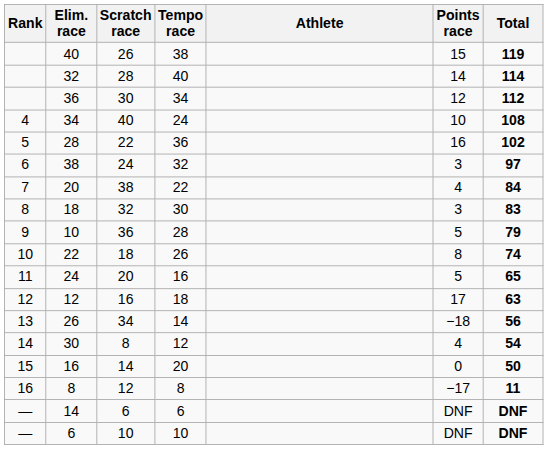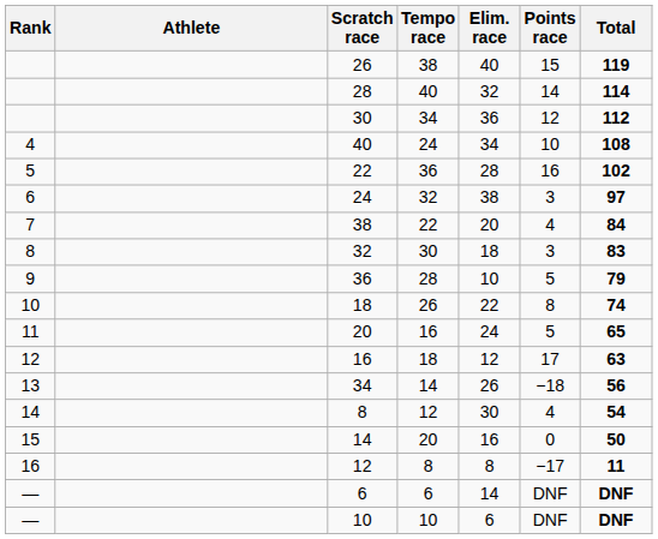 <table class=wikitable style="text-align:center">
 <tr>
 <th width=40>Rank</th>
-<th width=50>Elim.<br>race</th>
+<th width=250>Athlete</th>
 <th width=50>Scratch<br>race</th>
 <th width=50>Tempo<br>race</th>
-<th width=250>Athlete</th>
+<th width=50>Elim.<br>race</th>
 <th width=50>Points<br>race</th>
 <th width=60>Total</th>
 </tr>
 <tr>
 <td></td>
-<td>40</td>
+<td align=left></td>
 <td>26</td>
 <td>38</td>
-<td align=left></td>
+<td>40</td>
 <td>15</td>
 <td><strong>119</strong></td>
 </tr>
 <tr>
 <td></td>
-<td>32</td>
+<td align=left></td>
 <td>28</td>
 <td>40</td>
-<td align=left></td>
+<td>32</td>
 <td>14</td>
 <td><strong>114</strong></td>
 </tr>
 <tr>
 <td></td>
-<td>36</td>
+<td align=left></td>
 <td>30</td>
 <td>34</td>
-<td align=left></td>
+<td>36</td>
 <td>12</td>
 <td><strong>112</strong></td>
 </tr>
 <tr>
 <td>4</td>
-<td>34</td>
+<td align=left></td>
 <td>40</td>
 <td>24</td>
-<td align=left></td>
+<td>34</td>
 <td>10</td>
 <td><strong>108</strong></td>
 </tr>
 <tr>
 <td>5</td>
-<td>28</td>
+<td align=left></td>
 <td>22</td>
 <td>36</td>
-<td align=left></td>
+<td>28</td>
 <td>16</td>
 <td><strong>102</strong></td>
 </tr>
 <tr>
 <td>6</td>
-<td>38</td>
+<td align=left></td>
 <td>24</td>
 <td>32</td>
-<td align=left></td>
+<td>38</td>
 <td>3</td>
 <td><strong>97</strong></td>
 </tr>
 <tr>
 <td>7</td>
-<td>20</td>
+<td align=left></td>
 <td>38</td>
 <td>22</td>
-<td align=left></td>
+<td>20</td>
 <td>4</td>
 <td><strong>84</strong></td>
 </tr>
 <tr>
 <td>8</td>
-<td>18</td>
+<td align=left></td>
 <td>32</td>
 <td>30</td>
-<td align=left></td>
+<td>18</td>
 <td>3</td>
 <td><strong>83</strong></td>
 </tr>
 <tr>
 <td>9</td>
-<td>10</td>
+<td align=left></td>
 <td>36</td>
 <td>28</td>
-<td align=left></td>
+<td>10</td>
 <td>5</td>
 <td><strong>79</strong></td>
 </tr>
 <tr>
 <td>10</td>
-<td>22</td>
+<td align=left></td>
 <td>18</td>
 <td>26</td>
-<td align=left></td>
+<td>22</td>
 <td>8</td>
 <td><strong>74</strong></td>
 </tr>
 <tr>
 <td>11</td>
-<td>24</td>
+<td align=left></td>
 <td>20</td>
 <td>16</td>
-<td align=left></td>
+<td>24</td>
 <td>5</td>
 <td><strong>65</strong></td>
 </tr>
 <tr>
 <td>12</td>
-<td>12</td>
+<td align=left></td>
 <td>16</td>
 <td>18</td>
-<td align=left></td>
+<td>12</td>
 <td>17</td>
 <td><strong>63</strong></td>
 </tr>
 <tr>
 <td>13</td>
-<td>26</td>
+<td align=left></td>
 <td>34</td>
 <td>14</td>
-<td align=left></td>
+<td>26</td>
 <td>−18</td>
 <td><strong>56</strong></td>
 </tr>
 <tr>
 <td>14</td>
-<td>30</td>
+<td align=left></td>
 <td>8</td>
 <td>12</td>
-<td align=left></td>
+<td>30</td>
 <td>4</td>
 <td><strong>54</strong></td>
 </tr>
 <tr>
 <td>15</td>
-<td>16</td>
+<td align=left></td>
 <td>14</td>
 <td>20</td>
-<td align=left></td>
+<td>16</td>
 <td>0</td>
 <td><strong>50</strong></td>
 </tr>
 <tr>
 <td>16</td>
-<td>8</td>
+<td align=left></td>
 <td>12</td>
 <td>8</td>
-<td align=left></td>
+<td>8</td>
 <td>−17</td>
 <td><strong>11</strong></td>
 </tr>
 <tr>
 <td>—</td>
-<td>14</td>
+<td align=left></td>
 <td>6</td>
 <td>6</td>
-<td align=left></td>
+<td>14</td>
 <td>DNF</td>
 <td><strong>DNF</strong></td>
 </tr>
 <tr>
 <td>—</td>
-<td>6</td>
+<td align=left></td>
 <td>10</td>
 <td>10</td>
-<td align=left></td>
+<td>6</td>
 <td>DNF</td>
 <td><strong>DNF</strong></td>
 </tr>
 </table>
